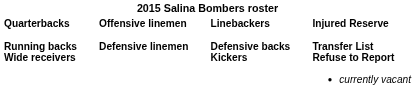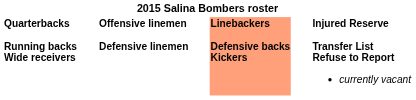 <table class="toccolours" style="text-align: left;">
 <tr>
 <th colspan="7" style="text-align:center; ">2015 Salina Bombers roster</th>
 </tr>
 <tr>
 <td style="font-size: 95%;vertical-align:top;"><strong>Quarterbacks</strong><br><br><strong>Running backs</strong>  <br><strong>Wide receivers</strong>     </td>
 <td style="width: 25px;"></td>
 <td style="font-size: 95%;vertical-align:top;"><strong>Offensive linemen</strong><br>   <br><strong>Defensive linemen</strong>   </td>
 <td style="width: 25px;"></td>
-<td style="font-size: 95%;vertical-align:top;"><strong>Linebackers</strong><br>  <br><strong>Defensive backs</strong>   <br><strong>Kickers</strong> </td>
+<td style="background: lightsalmon; font-size: 95%;vertical-align:top;"><strong>Linebackers</strong><br>  <br><strong>Defensive backs</strong>   <br><strong>Kickers</strong> </td>
 <td style="width: 25px;"></td>
 <td style="font-size: 95%;vertical-align:top;"><strong>Injured Reserve</strong><br><br><strong>Transfer List</strong> <br><strong>Refuse to Report</strong><ul><li><em>currently vacant</em></li></ul></td>
 </tr>
 <tr>
 </tr>
 </table>
